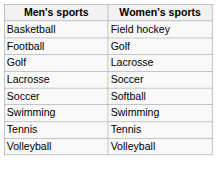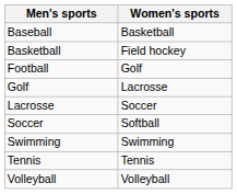 <table class="wikitable"; style=" ">
 <tr>
 <th width=150px>Men's sports</th>
 <th width=150px>Women's sports</th>
+</tr>
+<tr>
+<td>Baseball</td>
+<td>Basketball</td>
 </tr>
 <tr>
 <td>Basketball</td>
 <td>Field hockey</td>
 </tr>
 <tr>
 <td>Football</td>
 <td>Golf</td>
 </tr>
 <tr>
 <td>Golf</td>
 <td>Lacrosse</td>
 </tr>
 <tr>
 <td>Lacrosse</td>
 <td>Soccer</td>
 </tr>
 <tr>
 <td>Soccer</td>
 <td>Softball</td>
 </tr>
 <tr>
 <td>Swimming</td>
 <td>Swimming</td>
 </tr>
 <tr>
 <td>Tennis</td>
 <td>Tennis</td>
 </tr>
 <tr>
 <td>Volleyball</td>
 <td>Volleyball</td>
 </tr>
 </table>
